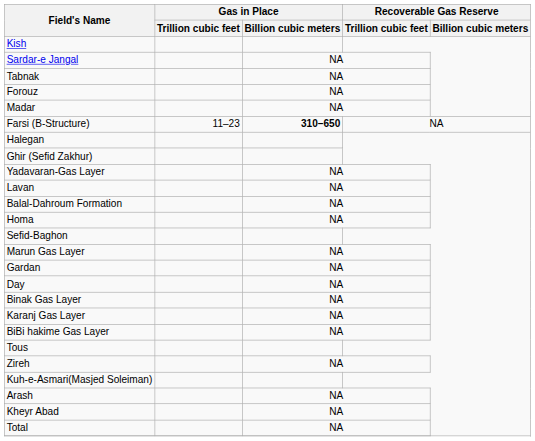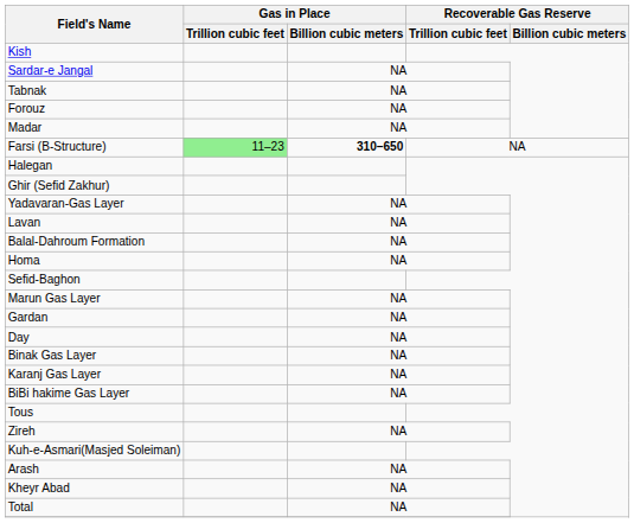 <table class="wikitable">
 <tr>
 <th rowspan=2>Field's Name</th>
 <th colspan=2>Gas in Place</th>
 <th colspan=2>Recoverable Gas Reserve</th>
 </tr>
 <tr>
 <th>Trillion cubic feet</th>
 <th>Billion cubic meters</th>
 <th>Trillion cubic feet</th>
 <th>Billion cubic meters</th>
 </tr>
 <tr>
 <td><a href='#'>Kish</a></td>
 <td></td>
 <td></td>
 </tr>
 <tr>
 <td><a href='#'>Sardar-e Jangal</a></td>
 <td></td>
 <td colspan=2 align=center>NA</td>
 </tr>
 <tr>
 <td>Tabnak</td>
 <td></td>
 <td colspan=2 align=center>NA</td>
 </tr>
 <tr>
 <td>Forouz</td>
 <td></td>
 <td colspan=2 align=center>NA</td>
 </tr>
 <tr>
 <td>Madar</td>
 <td></td>
 <td colspan=2 align=center>NA</td>
 </tr>
 <tr>
 <td>Farsi (B-Structure)</td>
-<td align=right>11–23</td>
+<td align=right style="background: lightgreen;">11–23</td>
 <td align=right><strong>310–650</strong></td>
 <td colspan=2 align=center>NA</td>
 </tr>
 <tr>
 <td>Halegan</td>
 <td></td>
 <td></td>
 </tr>
 <tr>
 <td>Ghir (Sefid Zakhur)</td>
 <td></td>
 <td></td>
 </tr>
 <tr>
 <td>Yadavaran-Gas Layer</td>
 <td></td>
 <td colspan=2 align=center>NA</td>
 </tr>
 <tr>
 <td>Lavan</td>
 <td></td>
 <td colspan=2 align=center>NA</td>
 </tr>
 <tr>
 <td>Balal-Dahroum Formation</td>
 <td></td>
 <td colspan=2 align=center>NA</td>
 </tr>
 <tr>
 <td>Homa</td>
 <td></td>
 <td colspan=2 align=center>NA</td>
 </tr>
 <tr>
 <td>Sefid-Baghon</td>
 <td></td>
 <td></td>
 </tr>
 <tr>
 <td>Marun Gas Layer</td>
 <td></td>
 <td colspan=2 align=center>NA</td>
 </tr>
 <tr>
 <td>Gardan</td>
 <td></td>
 <td colspan=2 align=center>NA</td>
 </tr>
 <tr>
 <td>Day</td>
 <td></td>
 <td colspan=2 align=center>NA</td>
 </tr>
 <tr>
 <td>Binak Gas Layer</td>
 <td></td>
 <td colspan=2 align=center>NA</td>
 </tr>
 <tr>
 <td>Karanj Gas Layer</td>
 <td></td>
 <td colspan=2 align=center>NA</td>
 </tr>
 <tr>
 <td>BiBi hakime Gas Layer</td>
 <td></td>
 <td colspan=2 align=center>NA</td>
 </tr>
 <tr>
 <td>Tous</td>
 <td></td>
 <td></td>
 </tr>
 <tr>
 <td>Zireh</td>
 <td></td>
 <td colspan=2 align=center>NA</td>
 </tr>
 <tr>
 <td>Kuh-e-Asmari(Masjed Soleiman)</td>
 <td></td>
 <td></td>
 </tr>
 <tr>
 <td>Arash</td>
 <td></td>
 <td colspan=2 align=center>NA</td>
 </tr>
 <tr>
 <td>Kheyr Abad</td>
 <td></td>
 <td colspan=2 align=center>NA</td>
 </tr>
 <tr>
 <td>Total</td>
 <td></td>
 <td colspan=2 align=center>NA</td>
 </tr>
 <tr>
 </tr>
 </table>
